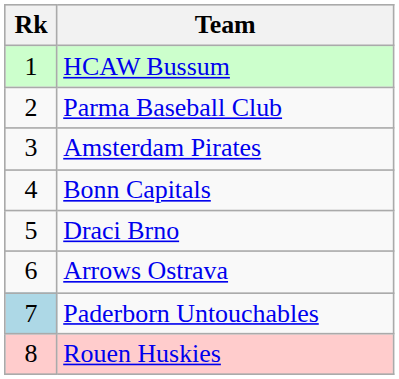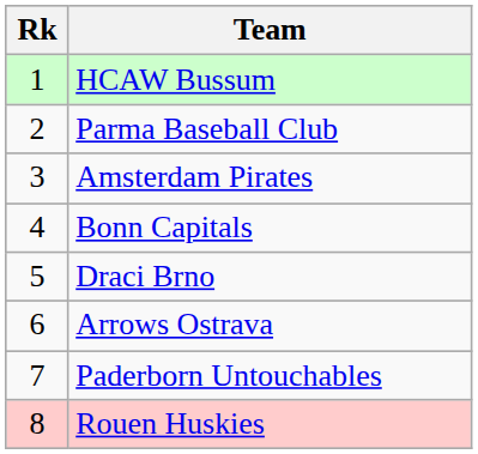 <table class="wikitable" style="text-align:center">
 <tr>
 <th width="25">Rk</th>
 <th width="200">Team</th>
 </tr>
 <tr style="background-color:#ccffcc;">
 <td>1</td>
 <td style="text-align:left;"> <a href='#'>HCAW Bussum</a></td>
 </tr>
 <tr>
 <td>2</td>
 <td style="text-align:left;"> <a href='#'>Parma Baseball Club</a></td>
 </tr>
 <tr>
 <td>3</td>
 <td style="text-align:left;"> <a href='#'>Amsterdam Pirates</a></td>
 </tr>
 <tr>
 <td>4</td>
 <td style="text-align:left;"> <a href='#'>Bonn Capitals</a></td>
 </tr>
 <tr>
 <td>5</td>
 <td style="text-align:left;"> <a href='#'>Draci Brno</a></td>
 </tr>
 <tr>
 <td>6</td>
 <td style="text-align:left;"> <a href='#'>Arrows Ostrava</a></td>
 </tr>
 <tr>
-<td style="background: lightblue;">7</td>
+<td>7</td>
 <td style="text-align:left;"> <a href='#'>Paderborn Untouchables</a></td>
 </tr>
 <tr style="background-color:#ffcccc;">
 <td>8</td>
 <td style="text-align:left;"> <a href='#'>Rouen Huskies</a></td>
 </tr>
 </table>
